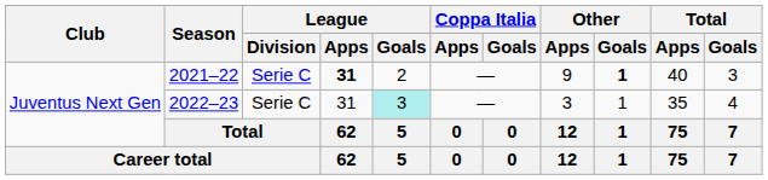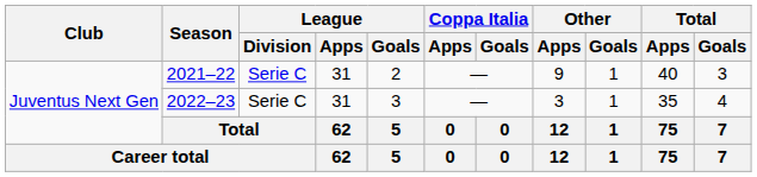 <table class="wikitable" style="text-align:center">
 <tr>
 <th rowspan="2">Club</th>
 <th rowspan="2">Season</th>
 <th colspan="3">League</th>
 <th colspan="2"><a href='#'>Coppa Italia</a></th>
 <th colspan="2">Other</th>
 <th colspan="2">Total</th>
 </tr>
 <tr>
 <th>Division</th>
 <th>Apps</th>
 <th>Goals</th>
 <th>Apps</th>
 <th>Goals</th>
 <th>Apps</th>
 <th>Goals</th>
 <th>Apps</th>
 <th>Goals</th>
 </tr>
 <tr>
 <td rowspan="3"><a href='#'>Juventus Next Gen</a></td>
 <td><a href='#'>2021–22</a></td>
 <td><a href='#'>Serie C</a></td>
-<td><strong>31</strong></td>
+<td>31</td>
 <td>2</td>
 <td colspan="2">—</td>
 <td>9</td>
-<td><strong>1</strong></td>
+<td>1</td>
 <td>40</td>
 <td>3</td>
 </tr>
 <tr>
 <td><a href='#'>2022–23</a></td>
 <td>Serie C</td>
 <td>31</td>
-<td style="background: paleturquoise;">3</td>
+<td>3</td>
 <td colspan="2">—</td>
 <td>3</td>
 <td>1</td>
 <td>35</td>
 <td>4</td>
 </tr>
 <tr>
 <th colspan="2">Total</th>
 <th>62</th>
 <th>5</th>
 <th>0</th>
 <th>0</th>
 <th>12</th>
 <th>1</th>
 <th>75</th>
 <th>7</th>
 </tr>
 <tr>
 <th colspan="3">Career total</th>
 <th>62</th>
 <th>5</th>
 <th>0</th>
 <th>0</th>
 <th>12</th>
 <th>1</th>
 <th>75</th>
 <th>7</th>
 </tr>
 </table>
